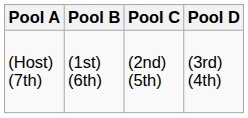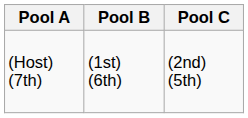 <table class="wikitable">
 <tr>
 <th width=25%>Pool A</th>
 <th width=25%>Pool B</th>
 <th width=25%>Pool C</th>
-<th width=25%>Pool D</th>
 </tr>
 <tr>
 <td valign=top><br> (Host)<br>  (7th)<br> </td>
 <td><br> (1st)<br>  (6th)<br> <br> </td>
 <td><br> (2nd)<br>  (5th)<br> <br> </td>
-<td><br> (3rd)<br>  (4th)<br> <br> </td>
 </tr>
 </table>
